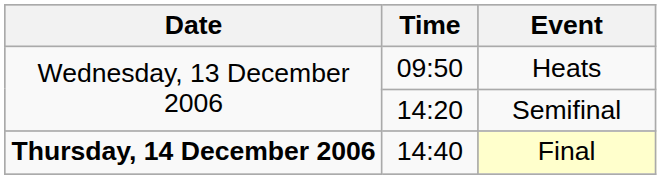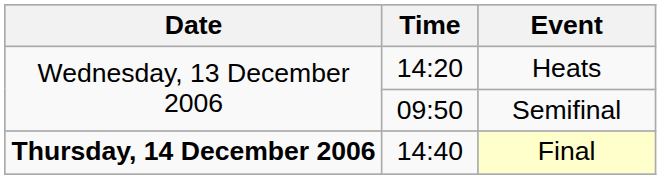 <table class = "wikitable" style="text-align:center;">
 <tr>
 <th width=220>Date</th>
 <th width=50>Time</th>
 <th width=100>Event</th>
 </tr>
 <tr>
 <td rowspan=2>Wednesday, 13 December 2006</td>
-<td>09:50</td>
+<td>14:20</td>
 <td>Heats</td>
 </tr>
 <tr>
-<td>14:20</td>
+<td>09:50</td>
 <td>Semifinal</td>
 </tr>
 <tr>
 <td><strong>Thursday, 14 December 2006</strong></td>
 <td>14:40</td>
 <td bgcolor=ffffcc>Final</td>
 </tr>
 </table>
